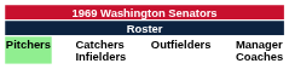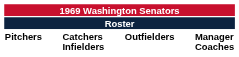 <table class="toccolours" style="font-size: 95%;">
 <tr>
 <th colspan="10" style="background-color: #C8102E; color: #FFFFFF; text-align: center;">1969 Washington Senators</th>
 </tr>
 <tr>
 <td colspan="10" style="background-color: #0C2340; color: #FFFFFF; text-align: center;"><strong>Roster</strong></td>
 </tr>
 <tr>
-<td valign="top" style="background: lightgreen;"><strong>Pitchers</strong><br>               </td>
+<td valign="top"><strong>Pitchers</strong><br>               </td>
 <td width="25px"></td>
 <td valign="top"><strong>Catchers</strong><br>   <strong>Infielders</strong>        </td>
 <td width="25px"></td>
 <td valign="top"><strong>Outfielders</strong><br>        </td>
 <td width="25px"></td>
 <td valign="top"><strong>Manager</strong><br> <strong>Coaches</strong>      </td>
 </tr>
 <tr>
 </tr>
 </table>
